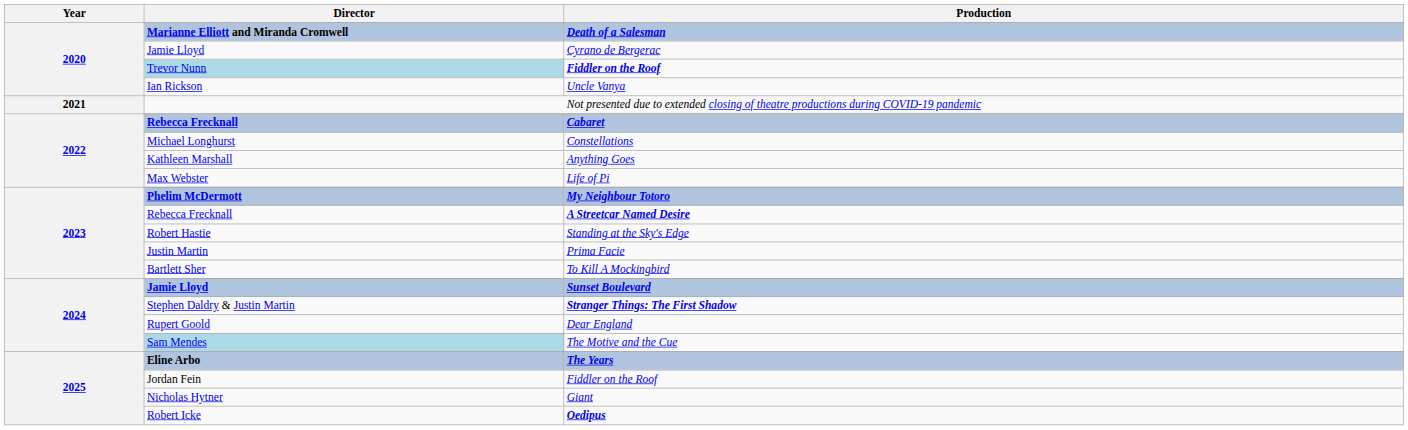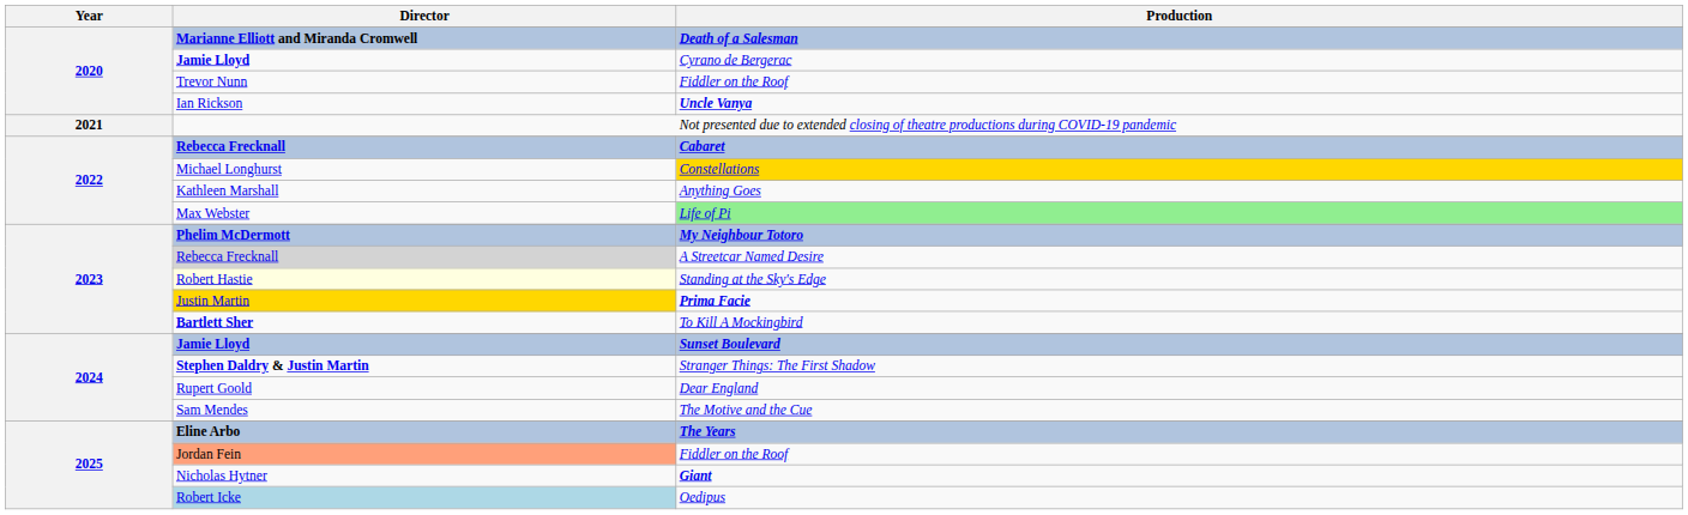 <table class="wikitable" style="width:98%;">
 <tr>
 <th style="width:10%;">Year</th>
 <th style="width:30%;">Director</th>
 <th style="width:60%;">Production</th>
 </tr>
 <tr>
 <th rowspan="5"><a href='#'>2020</a></th>
 </tr>
 <tr style="background:#B0C4DE">
 <td><strong><a href='#'>Marianne Elliott</a> and Miranda Cromwell</strong></td>
 <td><strong><em><a href='#'>Death of a Salesman</a></em></strong></td>
 </tr>
 <tr>
-<td><a href='#'>Jamie Lloyd</a></td>
+<td><strong><a href='#'>Jamie Lloyd</a></strong></td>
 <td><a href='#'><em>Cyrano de Bergerac</em></a></td>
 </tr>
 <tr>
-<td style="background: lightblue;"><a href='#'>Trevor Nunn</a></td>
-<td><strong><em><a href='#'>Fiddler on the Roof</a></em></strong></td>
+<td><a href='#'>Trevor Nunn</a></td>
+<td><em><a href='#'>Fiddler on the Roof</a></em></td>
 </tr>
 <tr>
 <td><a href='#'>Ian Rickson</a></td>
-<td><em><a href='#'>Uncle Vanya</a></em></td>
+<td><strong><em><a href='#'>Uncle Vanya</a></em></strong></td>
 </tr>
 <tr>
 <th align="center">2021</th>
 <td colspan=2 align="center"><em>Not presented due to extended <a href='#'>closing of theatre productions during COVID-19 pandemic</a></em></td>
 </tr>
 <tr>
 <th rowspan="5"><a href='#'>2022</a></th>
 </tr>
 <tr style="background:#B0C4DE">
 <td><strong><a href='#'>Rebecca Frecknall</a></strong></td>
 <td><strong><em><a href='#'>Cabaret</a></em></strong></td>
 </tr>
 <tr>
 <td><a href='#'>Michael Longhurst</a></td>
-<td><em><a href='#'>Constellations</a></em></td>
+<td style="background: gold;"><em><a href='#'>Constellations</a></em></td>
 </tr>
 <tr>
 <td><a href='#'>Kathleen Marshall</a></td>
 <td><em><a href='#'>Anything Goes</a></em></td>
 </tr>
 <tr>
 <td><a href='#'>Max Webster</a></td>
-<td><em><a href='#'>Life of Pi</a></em></td>
+<td style="background: lightgreen;"><em><a href='#'>Life of Pi</a></em></td>
 </tr>
 <tr>
 <th rowspan="6"><a href='#'>2023</a></th>
 </tr>
 <tr style="background:#B0C4DE">
 <td><strong><a href='#'>Phelim McDermott</a></strong></td>
 <td><strong><em><a href='#'>My Neighbour Totoro</a></em></strong></td>
 </tr>
 <tr>
-<td><a href='#'>Rebecca Frecknall</a></td>
-<td><strong><em><a href='#'>A Streetcar Named Desire</a></em></strong></td>
+<td style="background: lightgrey;"><a href='#'>Rebecca Frecknall</a></td>
+<td><em><a href='#'>A Streetcar Named Desire</a></em></td>
 </tr>
 <tr>
-<td><a href='#'>Robert Hastie</a></td>
+<td style="background: lightyellow;"><a href='#'>Robert Hastie</a></td>
 <td><em><a href='#'>Standing at the Sky's Edge</a></em></td>
 </tr>
 <tr>
-<td><a href='#'>Justin Martin</a></td>
-<td><em><a href='#'>Prima Facie</a></em></td>
+<td style="background: gold;"><a href='#'>Justin Martin</a></td>
+<td><strong><em><a href='#'>Prima Facie</a></em></strong></td>
 </tr>
 <tr>
-<td><a href='#'>Bartlett Sher</a></td>
+<td><strong><a href='#'>Bartlett Sher</a></strong></td>
 <td><em><a href='#'>To Kill A Mockingbird</a></em></td>
 </tr>
 <tr>
 <th rowspan="5"><a href='#'>2024</a></th>
 </tr>
 <tr style="background:#B0C4DE">
 <td><strong><a href='#'>Jamie Lloyd</a></strong></td>
 <td><strong><em><a href='#'>Sunset Boulevard</a></em></strong></td>
 </tr>
 <tr>
-<td><a href='#'>Stephen Daldry</a> & <a href='#'>Justin Martin</a></td>
-<td><strong><em><a href='#'>Stranger Things: The First Shadow</a></em></strong></td>
+<td><strong><a href='#'>Stephen Daldry</a> & <a href='#'>Justin Martin</a></strong></td>
+<td><em><a href='#'>Stranger Things: The First Shadow</a></em></td>
 </tr>
 <tr>
 <td><a href='#'>Rupert Goold</a></td>
 <td><em><a href='#'>Dear England</a></em></td>
 </tr>
 <tr>
-<td style="background: lightblue;"><a href='#'>Sam Mendes</a></td>
+<td><a href='#'>Sam Mendes</a></td>
 <td><em><a href='#'>The Motive and the Cue</a></em></td>
 </tr>
 <tr>
 <th rowspan="5"><a href='#'>2025</a></th>
 </tr>
 <tr style="background:#B0C4DE">
 <td><strong>Eline Arbo</strong></td>
 <td><strong><em><a href='#'>The Years</a></em></strong></td>
 </tr>
 <tr>
-<td>Jordan Fein</td>
+<td style="background: lightsalmon;">Jordan Fein</td>
 <td><em><a href='#'>Fiddler on the Roof</a></em></td>
 </tr>
 <tr>
 <td><a href='#'>Nicholas Hytner</a></td>
-<td><em><a href='#'>Giant</a></em></td>
+<td><strong><em><a href='#'>Giant</a></em></strong></td>
 </tr>
 <tr>
-<td><a href='#'>Robert Icke</a></td>
-<td><strong><em><a href='#'>Oedipus</a></em></strong></td>
+<td style="background: lightblue;"><a href='#'>Robert Icke</a></td>
+<td><em><a href='#'>Oedipus</a></em></td>
 </tr>
 </table>
